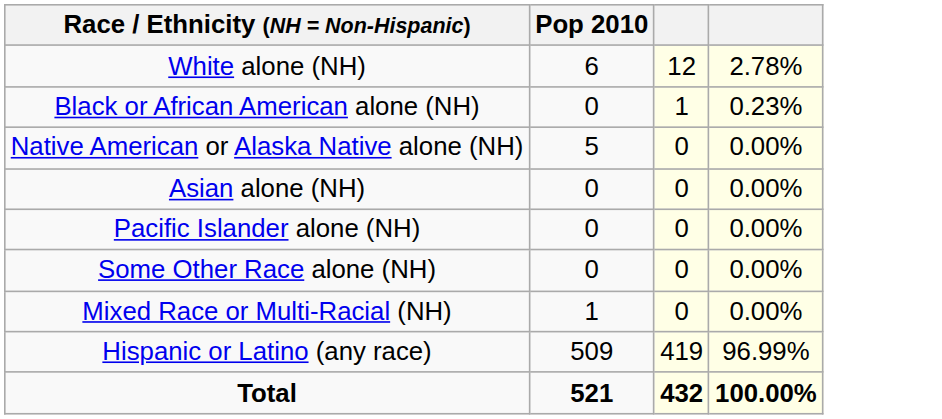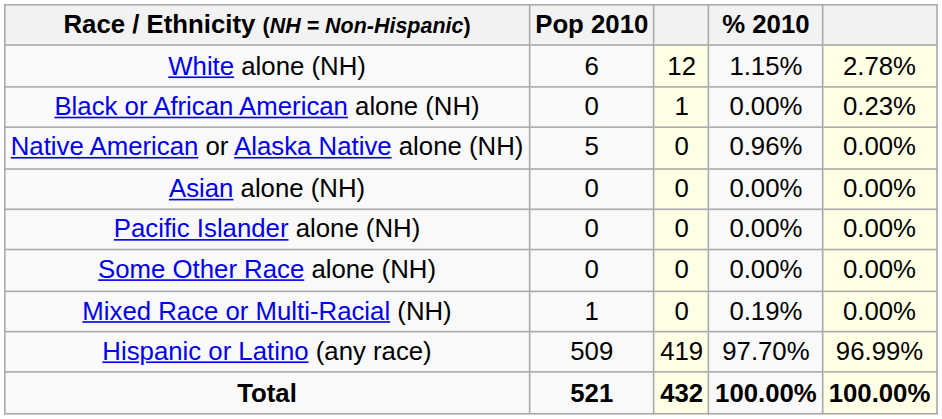 <table class="wikitable" style="text-align:center;">
 <tr>
 <th>Race / Ethnicity <small>(<em>NH = Non-Hispanic</em>)</small></th>
 <th>Pop 2010</th>
 <th></th>
+<th>% 2010</th>
 <th></th>
 </tr>
 <tr>
 <td><a href='#'>White</a> alone (NH)</td>
 <td>6</td>
 <td style='background: #ffffe6;'>12</td>
+<td>1.15%</td>
 <td style='background: #ffffe6;'>2.78%</td>
 </tr>
 <tr>
 <td><a href='#'>Black or African American</a> alone (NH)</td>
 <td>0</td>
 <td style='background: #ffffe6;'>1</td>
+<td>0.00%</td>
 <td style='background: #ffffe6;'>0.23%</td>
 </tr>
 <tr>
 <td><a href='#'>Native American</a> or <a href='#'>Alaska Native</a> alone (NH)</td>
 <td>5</td>
 <td style='background: #ffffe6;'>0</td>
+<td>0.96%</td>
 <td style='background: #ffffe6;'>0.00%</td>
 </tr>
 <tr>
 <td><a href='#'>Asian</a> alone (NH)</td>
 <td>0</td>
 <td style='background: #ffffe6;'>0</td>
+<td>0.00%</td>
 <td style='background: #ffffe6;'>0.00%</td>
 </tr>
 <tr>
 <td><a href='#'>Pacific Islander</a> alone (NH)</td>
 <td>0</td>
 <td style='background: #ffffe6;'>0</td>
+<td>0.00%</td>
 <td style='background: #ffffe6;'>0.00%</td>
 </tr>
 <tr>
 <td><a href='#'>Some Other Race</a> alone (NH)</td>
 <td>0</td>
 <td style='background: #ffffe6;'>0</td>
+<td>0.00%</td>
 <td style='background: #ffffe6;'>0.00%</td>
 </tr>
 <tr>
 <td><a href='#'>Mixed Race or Multi-Racial</a> (NH)</td>
 <td>1</td>
 <td style='background: #ffffe6;'>0</td>
+<td>0.19%</td>
 <td style='background: #ffffe6;'>0.00%</td>
 </tr>
 <tr>
 <td><a href='#'>Hispanic or Latino</a> (any race)</td>
 <td>509</td>
 <td style='background: #ffffe6;'>419</td>
+<td>97.70%</td>
 <td style='background: #ffffe6;'>96.99%</td>
 </tr>
 <tr>
 <td><strong>Total</strong></td>
 <td><strong>521</strong></td>
 <td style='background: #ffffe6;'><strong>432</strong></td>
+<td><strong>100.00%</strong></td>
 <td style='background: #ffffe6;'><strong>100.00%</strong></td>
 </tr>
 </table>
